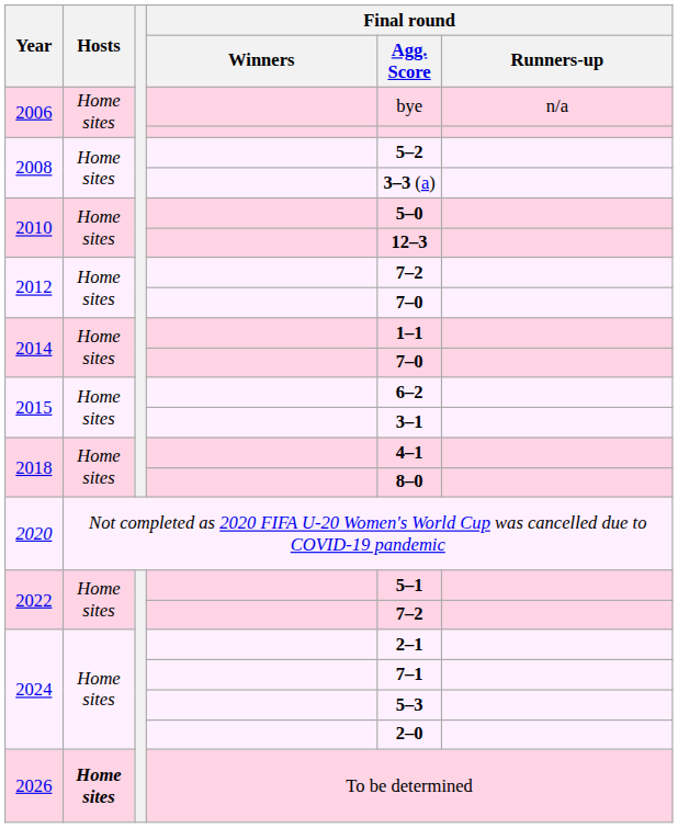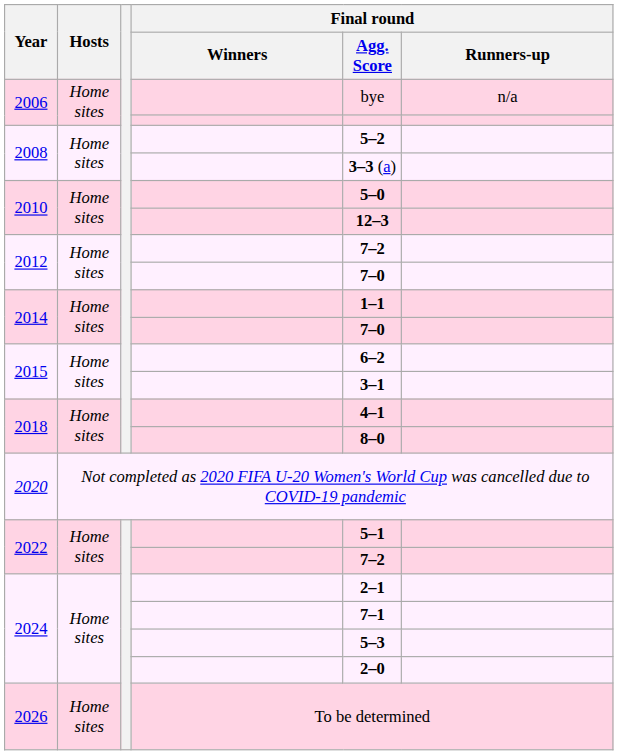 <table class="wikitable" style="font-size:90%; text-align: center; width:85%">
 <tr>
 <th width="5%" rowspan=2>Year</th>
 <th width="7%" rowspan=2>Hosts</th>
 <th width=1% rowspan=16></th>
 <th colspan=3>Final round</th>
 </tr>
 <tr>
 <th width="25%">Winners </th>
 <th width="5%"><a href='#'>Agg. Score</a></th>
 <th width="25%">Runners-up</th>
 </tr>
 <tr align="center" bgcolor="#FFD4E4">
 <td rowspan=2><a href='#'>2006</a></td>
 <td rowspan=2> <em>Home sites</em></td>
 <td><strong></strong></td>
 <td>bye</td>
 <td>n/a</td>
 </tr>
 <tr bgcolor="#FFD4E4">
 <td><strong></strong></td>
 <td></td>
 <td></td>
 </tr>
 <tr align="center" bgcolor="#fff0ff">
 <td rowspan=2><a href='#'>2008</a></td>
 <td rowspan=2> <em>Home sites</em></td>
 <td><strong></strong></td>
 <td><strong>5–2</strong></td>
 <td></td>
 </tr>
 <tr bgcolor="#fff0ff">
 <td><strong></strong></td>
 <td><strong>3–3</strong> (<a href='#'>a</a>)</td>
 <td></td>
 </tr>
 <tr align="center" bgcolor="#FFD4E4">
 <td rowspan=2><a href='#'>2010</a></td>
 <td rowspan=2> <em>Home sites</em></td>
 <td><strong></strong></td>
 <td><strong>5–0</strong></td>
 <td></td>
 </tr>
 <tr bgcolor="#FFD4E4">
 <td><strong></strong></td>
 <td><strong>12–3</strong></td>
 <td></td>
 </tr>
 <tr align="center" bgcolor="#fff0ff">
 <td rowspan=2><a href='#'>2012</a></td>
 <td rowspan=2> <em>Home sites</em></td>
 <td><strong></strong></td>
 <td><strong>7–2</strong></td>
 <td></td>
 </tr>
 <tr bgcolor="#fff0ff">
 <td><strong></strong></td>
 <td><strong>7–0</strong></td>
 <td></td>
 </tr>
 <tr align="center" bgcolor="#FFD4E4">
 <td rowspan=2><a href='#'>2014</a></td>
 <td rowspan=2> <em>Home sites</em></td>
 <td><strong></strong></td>
 <td><strong>1–1</strong> </td>
 <td></td>
 </tr>
 <tr bgcolor="#FFD4E4">
 <td><strong></strong></td>
 <td><strong>7–0</strong></td>
 <td></td>
 </tr>
 <tr align="center" bgcolor="#fff0ff">
 <td rowspan=2><a href='#'>2015</a></td>
 <td rowspan=2> <em>Home sites</em></td>
 <td><strong></strong></td>
 <td><strong>6–2</strong></td>
 <td></td>
 </tr>
 <tr bgcolor="#fff0ff">
 <td><strong></strong></td>
 <td><strong>3–1</strong></td>
 <td></td>
 </tr>
 <tr align="center" bgcolor="#FFD4E4">
 <td rowspan=2><a href='#'>2018</a></td>
 <td rowspan=2> <em>Home sites</em></td>
 <td><strong></strong></td>
 <td><strong>4–1</strong></td>
 <td></td>
 </tr>
 <tr bgcolor="#FFD4E4">
 <td><strong></strong></td>
 <td><strong>8–0</strong></td>
 <td></td>
 </tr>
 <tr align="center" bgcolor="#fff0ff" style="height: 4em;">
 <td><em><a href='#'>2020</a></em></td>
 <td colspan=7><em>Not completed as <a href='#'>2020 FIFA U-20 Women's World Cup</a> was cancelled due to <a href='#'>COVID-19 pandemic</a></em></td>
 </tr>
 <tr align="center" bgcolor="#FFD4E4">
 <td rowspan=2><a href='#'>2022</a></td>
 <td rowspan=2> <em>Home sites</em></td>
 <th width=1% rowspan=7></th>
 <td><strong></strong></td>
 <td><strong>5–1</strong></td>
 <td></td>
 </tr>
 <tr bgcolor="#FFD4E4">
 <td><strong></strong></td>
 <td><strong>7–2</strong></td>
 <td></td>
 </tr>
 <tr align="center" bgcolor="#fff0ff">
 <td rowspan=4><a href='#'>2024</a></td>
 <td rowspan=4> <em>Home sites</em></td>
 <td><strong></strong></td>
 <td><strong>2–1</strong></td>
 <td></td>
 </tr>
 <tr bgcolor="#fff0ff">
 <td><strong></strong></td>
 <td><strong>7–1</strong></td>
 <td></td>
 </tr>
 <tr bgcolor="#fff0ff">
 <td><strong></strong></td>
 <td><strong>5–3</strong></td>
 <td></td>
 </tr>
 <tr bgcolor="#fff0ff">
 <td><strong></strong></td>
 <td><strong>2–0</strong></td>
 <td></td>
 </tr>
 <tr align="center" bgcolor="#FFD4E4" style="height: 4em;">
 <td><a href='#'>2026</a></td>
-<td rowspan=1><strong> <em>Home sites</em></strong></td>
+<td rowspan=1> <em>Home sites</em></td>
 <td colspan=6>To be determined</td>
 </tr>
 </table>
